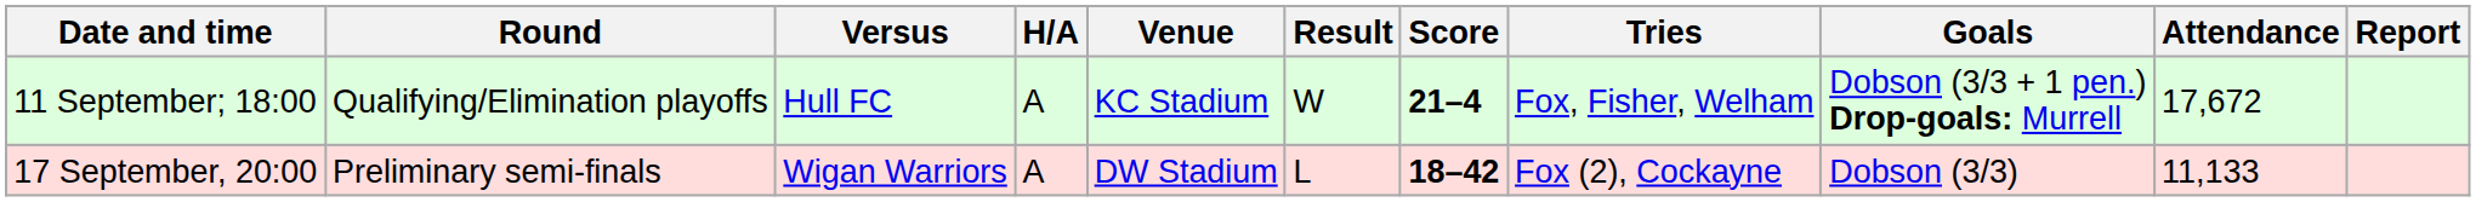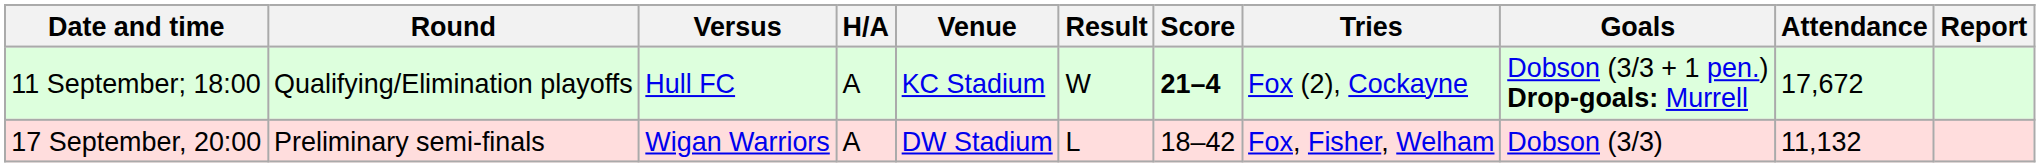 <table class="wikitable" style="font-size:85%;">
 <tr>
 <th>Date and time</th>
 <th>Round</th>
 <th>Versus</th>
 <th>H/A</th>
 <th>Venue</th>
 <th>Result</th>
 <th>Score</th>
 <th>Tries</th>
 <th>Goals</th>
 <th>Attendance</th>
 <th>Report</th>
 </tr>
 <tr style="background:#ddffdd">
 <td>11 September; 18:00</td>
 <td>Qualifying/Elimination playoffs</td>
 <td> <a href='#'>Hull FC</a></td>
 <td>A</td>
 <td><a href='#'>KC Stadium</a></td>
 <td>W</td>
 <td><strong>21–4</strong></td>
-<td><a href='#'>Fox</a>, <a href='#'>Fisher</a>, <a href='#'>Welham</a></td>
+<td><a href='#'>Fox</a> (2), <a href='#'>Cockayne</a></td>
 <td><a href='#'>Dobson</a> (3/3 + 1 <a href='#'>pen.</a>)<br><strong>Drop-goals:</strong> <a href='#'>Murrell</a></td>
 <td>17,672</td>
 <td></td>
 </tr>
 <tr style="background:#ffdddd">
 <td>17 September, 20:00</td>
 <td>Preliminary semi-finals</td>
 <td> <a href='#'>Wigan Warriors</a></td>
 <td>A</td>
 <td><a href='#'>DW Stadium</a></td>
 <td>L</td>
-<td><strong>18–42</strong></td>
-<td><a href='#'>Fox</a> (2), <a href='#'>Cockayne</a></td>
+<td>18–42</td>
+<td><a href='#'>Fox</a>, <a href='#'>Fisher</a>, <a href='#'>Welham</a></td>
 <td><a href='#'>Dobson</a> (3/3)</td>
-<td>11,133</td>
+<td>11,132</td>
 <td></td>
 </tr>
 </table>
